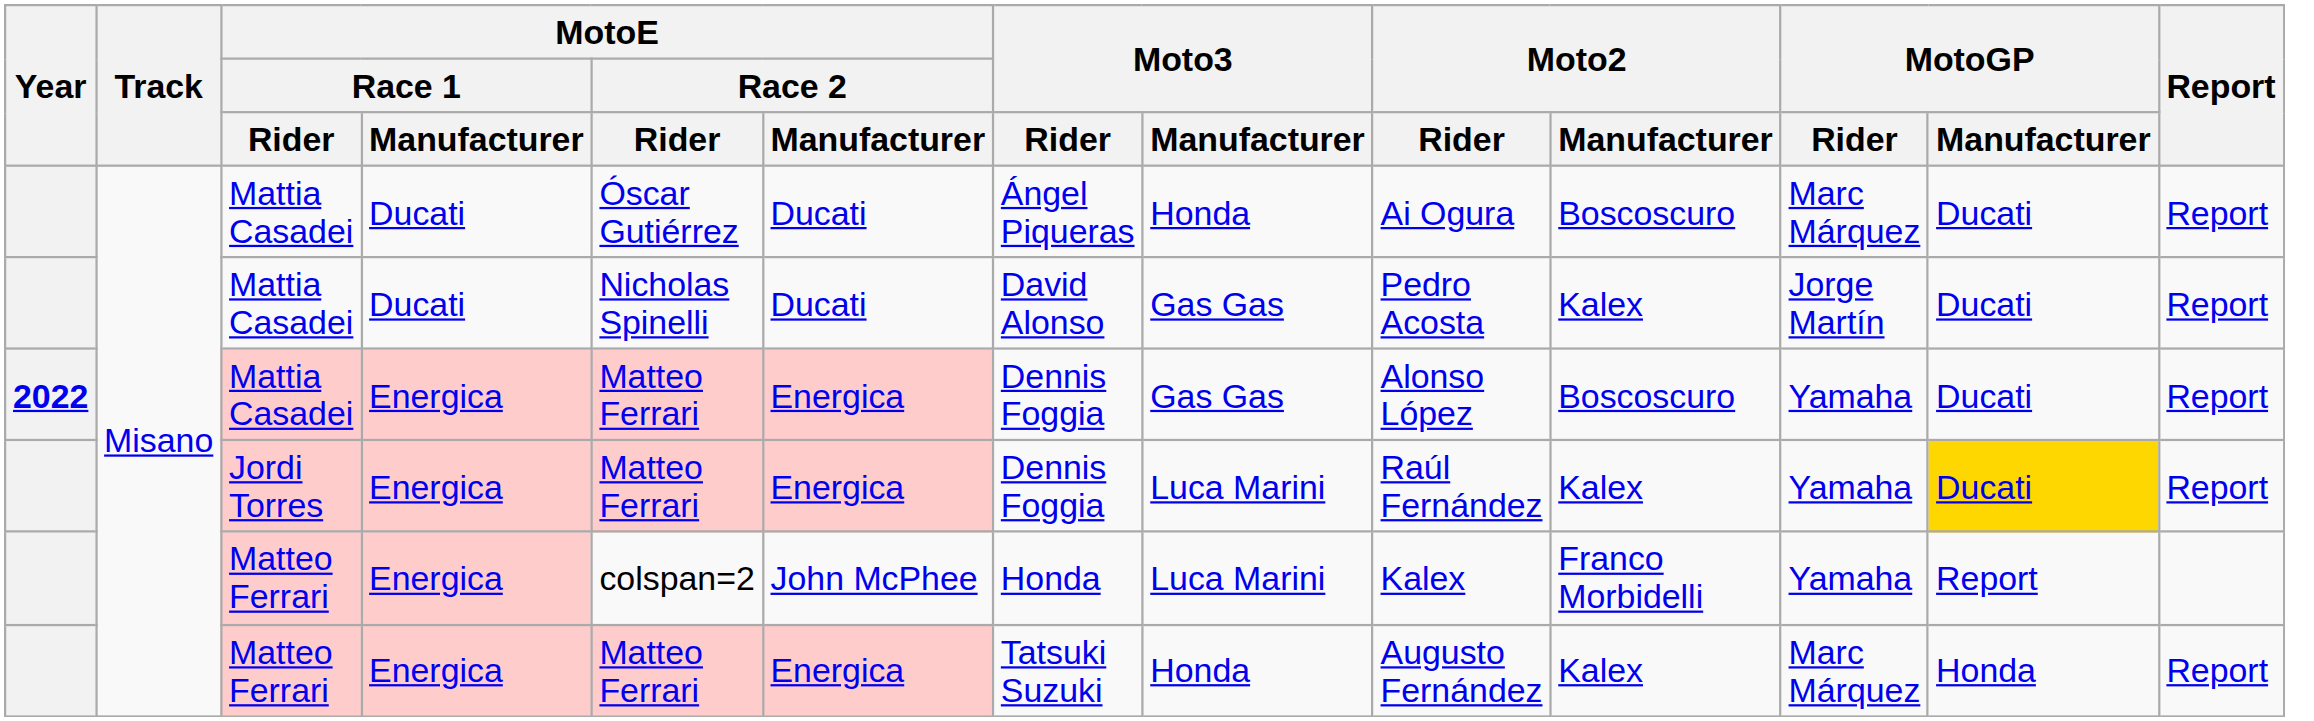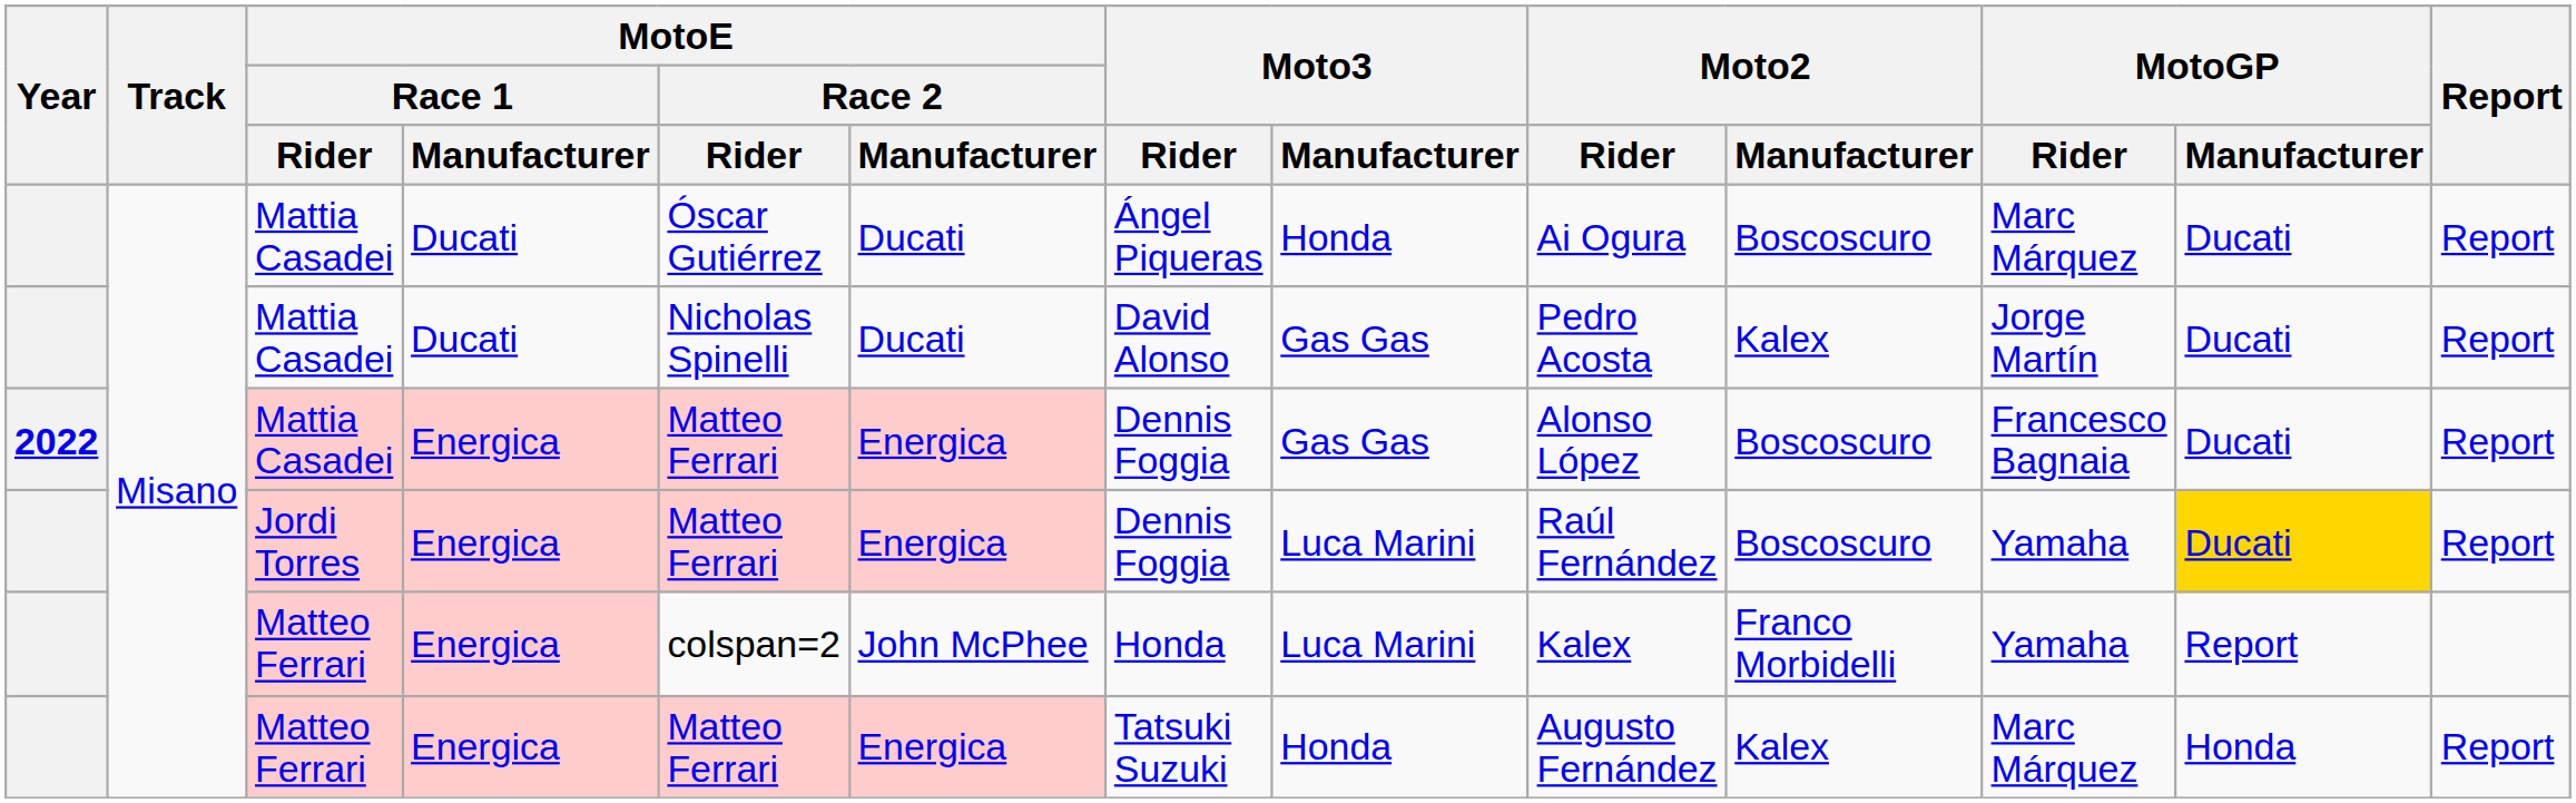 <table class="wikitable" style="font-size: 95%;">
 <tr>
 <th rowspan=3>Year</th>
 <th rowspan=3>Track</th>
 <th colspan=4>MotoE</th>
 <th colspan=2 rowspan=2>Moto3</th>
 <th colspan=2 rowspan=2>Moto2</th>
 <th colspan=2 rowspan=2>MotoGP</th>
 <th rowspan=3>Report</th>
 </tr>
 <tr>
 <th colspan=2>Race 1</th>
 <th colspan=2>Race 2</th>
 </tr>
 <tr>
 <th>Rider</th>
 <th>Manufacturer</th>
 <th>Rider</th>
 <th>Manufacturer</th>
 <th>Rider</th>
 <th>Manufacturer</th>
 <th>Rider</th>
 <th>Manufacturer</th>
 <th>Rider</th>
 <th>Manufacturer</th>
 </tr>
 <tr>
 <th></th>
 <td rowspan=6><a href='#'>Misano</a></td>
 <td> <a href='#'>Mattia Casadei</a></td>
 <td><a href='#'>Ducati</a></td>
 <td> <a href='#'>Óscar Gutiérrez</a></td>
 <td><a href='#'>Ducati</a></td>
 <td> <a href='#'>Ángel Piqueras</a></td>
 <td><a href='#'>Honda</a></td>
 <td> <a href='#'>Ai Ogura</a></td>
 <td><a href='#'>Boscoscuro</a></td>
 <td> <a href='#'>Marc Márquez</a></td>
 <td><a href='#'>Ducati</a></td>
 <td><a href='#'>Report</a></td>
 </tr>
 <tr>
 <th></th>
 <td> <a href='#'>Mattia Casadei</a></td>
 <td><a href='#'>Ducati</a></td>
 <td> <a href='#'>Nicholas Spinelli</a></td>
 <td><a href='#'>Ducati</a></td>
 <td> <a href='#'>David Alonso</a></td>
 <td><a href='#'>Gas Gas</a></td>
 <td> <a href='#'>Pedro Acosta</a></td>
 <td><a href='#'>Kalex</a></td>
 <td> <a href='#'>Jorge Martín</a></td>
 <td><a href='#'>Ducati</a></td>
 <td><a href='#'>Report</a></td>
 </tr>
 <tr>
 <th><a href='#'>2022</a></th>
 <td style="background:#FFCCCC;"> <a href='#'>Mattia Casadei</a></td>
 <td style="background:#FFCCCC;"><a href='#'>Energica</a></td>
 <td style="background:#FFCCCC;"> <a href='#'>Matteo Ferrari</a></td>
 <td style="background:#FFCCCC;"><a href='#'>Energica</a></td>
 <td> <a href='#'>Dennis Foggia</a></td>
 <td><a href='#'>Gas Gas</a></td>
 <td> <a href='#'>Alonso López</a></td>
 <td><a href='#'>Boscoscuro</a></td>
-<td><a href='#'>Yamaha</a></td>
+<td> <a href='#'>Francesco Bagnaia</a></td>
 <td><a href='#'>Ducati</a></td>
 <td><a href='#'>Report</a></td>
 </tr>
 <tr>
 <th></th>
 <td style="background:#FFCCCC;"> <a href='#'>Jordi Torres</a></td>
 <td style="background:#FFCCCC;"><a href='#'>Energica</a></td>
 <td style="background:#FFCCCC;"> <a href='#'>Matteo Ferrari</a></td>
 <td style="background:#FFCCCC;"><a href='#'>Energica</a></td>
 <td> <a href='#'>Dennis Foggia</a></td>
 <td> <a href='#'>Luca Marini</a></td>
 <td> <a href='#'>Raúl Fernández</a></td>
-<td><a href='#'>Kalex</a></td>
+<td><a href='#'>Boscoscuro</a></td>
 <td><a href='#'>Yamaha</a></td>
 <td style="background: gold;"><a href='#'>Ducati</a></td>
 <td><a href='#'>Report</a></td>
 </tr>
 <tr>
 <th></th>
 <td style="background:#FFCCCC;"> <a href='#'>Matteo Ferrari</a></td>
 <td style="background:#FFCCCC;"><a href='#'>Energica</a></td>
 <td>colspan=2 </td>
 <td> <a href='#'>John McPhee</a></td>
 <td><a href='#'>Honda</a></td>
 <td> <a href='#'>Luca Marini</a></td>
 <td><a href='#'>Kalex</a></td>
 <td> <a href='#'>Franco Morbidelli</a></td>
 <td><a href='#'>Yamaha</a></td>
 <td><a href='#'>Report</a></td>
 </tr>
 <tr>
 <th></th>
 <td style="background:#FFCCCC;"> <a href='#'>Matteo Ferrari</a></td>
 <td style="background:#FFCCCC;"><a href='#'>Energica</a></td>
 <td style="background:#FFCCCC;"> <a href='#'>Matteo Ferrari</a></td>
 <td style="background:#FFCCCC;"><a href='#'>Energica</a></td>
 <td> <a href='#'>Tatsuki Suzuki</a></td>
 <td><a href='#'>Honda</a></td>
 <td> <a href='#'>Augusto Fernández</a></td>
 <td><a href='#'>Kalex</a></td>
 <td> <a href='#'>Marc Márquez</a></td>
 <td><a href='#'>Honda</a></td>
 <td><a href='#'>Report</a></td>
 </tr>
 </table>
